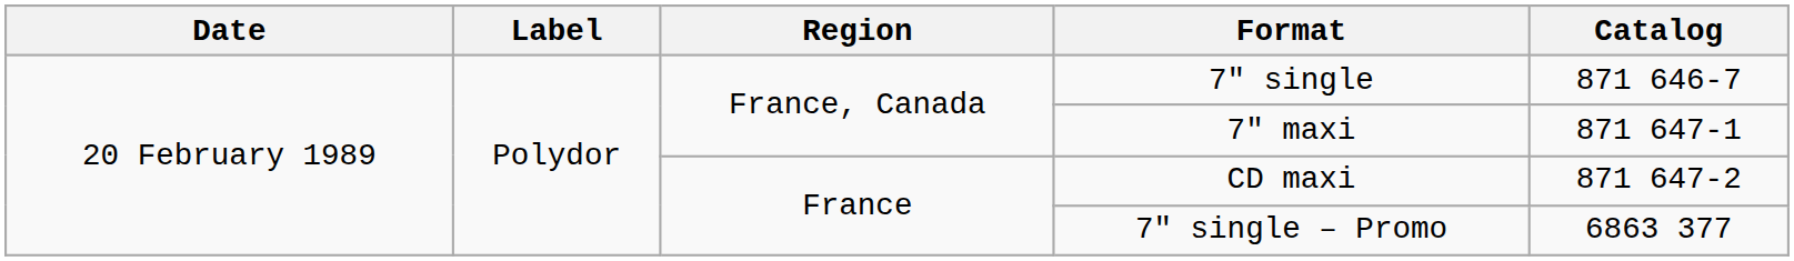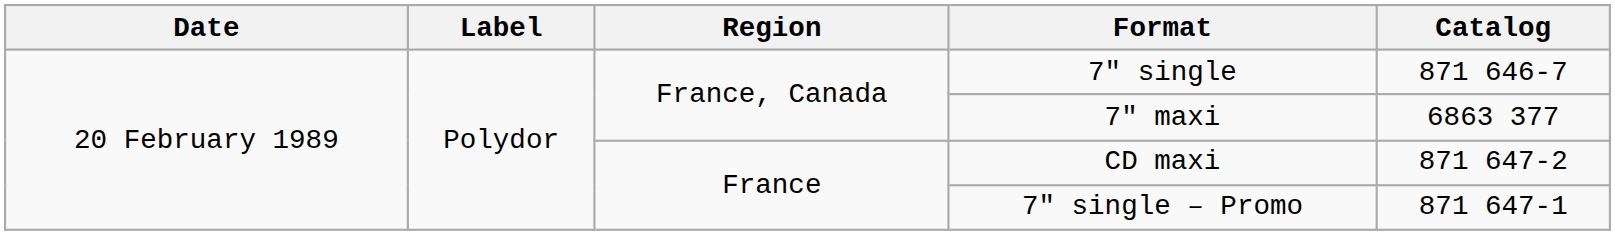 <table class="wikitable" style="width:60%;">
 <tr>
 <th>Date</th>
 <th>Label</th>
 <th>Region</th>
 <th>Format</th>
 <th>Catalog</th>
 </tr>
 <tr>
 <td rowspan="4" style="text-align:center;">20 February 1989</td>
 <td rowspan="4" style="text-align:center;">Polydor</td>
 <td rowspan="2" style="text-align:center;">France, Canada</td>
 <td align=center>7" single</td>
 <td align=center>871 646-7</td>
 </tr>
 <tr>
 <td align=center>7" maxi</td>
-<td align=center>871 647-1</td>
+<td align=center>6863 377</td>
 </tr>
 <tr>
 <td rowspan="2" style="text-align:center;">France</td>
 <td align=center>CD maxi</td>
 <td align=center>871 647-2</td>
 </tr>
 <tr>
 <td align=center>7" single – Promo</td>
-<td align=center>6863 377</td>
+<td align=center>871 647-1</td>
 </tr>
 </table>
